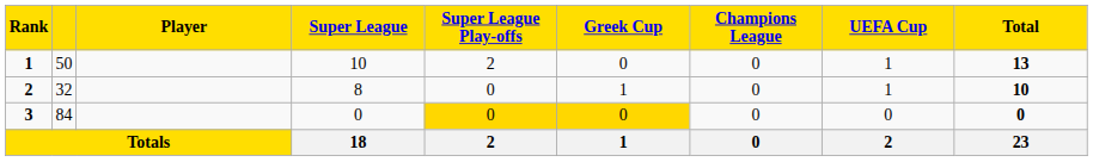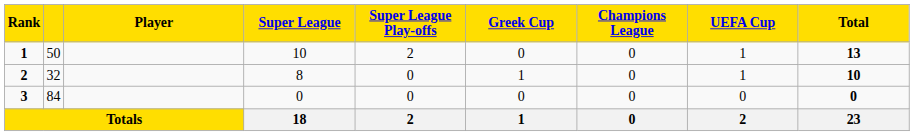 <table class="wikitable sortable" style="text-align:center">
 <tr>
 <th style="background:#FFDE00">Rank</th>
 <th style="background:#FFDE00"></th>
 <th width=200 style="background:#FFDE00">Player</th>
 <th width=120 style="background:#FFDE00"><a href='#'>Super League</a></th>
 <th width=120 style="background:#FFDE00"><a href='#'>Super League Play-offs</a></th>
 <th width=120 style="background:#FFDE00"><a href='#'>Greek Cup</a></th>
 <th width=120 style="background:#FFDE00"><a href='#'>Champions League</a></th>
 <th width=120 style="background:#FFDE00"><a href='#'>UEFA Cup</a></th>
 <th width=120 style="background:#FFDE00">Total</th>
 </tr>
 <tr>
 <td><strong>1</strong></td>
 <td>50</td>
 <td align=left></td>
 <td>10</td>
 <td>2</td>
 <td>0</td>
 <td>0</td>
 <td>1</td>
 <td><strong>13</strong></td>
 </tr>
 <tr>
 <td><strong>2</strong></td>
 <td>32</td>
 <td align=left></td>
 <td>8</td>
 <td>0</td>
 <td>1</td>
 <td>0</td>
 <td>1</td>
 <td><strong>10</strong></td>
 </tr>
 <tr>
 <td><strong>3</strong></td>
 <td>84</td>
 <td align=left></td>
 <td>0</td>
-<td style="background: gold;">0</td>
-<td style="background: gold;">0</td>
+<td>0</td>
+<td>0</td>
 <td>0</td>
 <td>0</td>
 <td><strong>0</strong></td>
 </tr>
 <tr class="sortbottom">
 <th colspan=3 style="background:#FFDE00"><strong>Totals</strong></th>
 <th><strong>18</strong></th>
 <th><strong> 2</strong></th>
 <th><strong> 1</strong></th>
 <th><strong> 0</strong></th>
 <th><strong> 2</strong></th>
 <th><strong>23</strong></th>
 </tr>
 </table>
